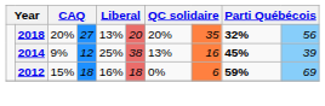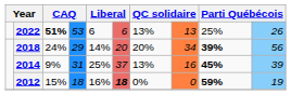 <table class="wikitable" style="width:400; font-size:90%; margin-left:1em;">
 <tr>
 <th colspan="2" scope="col">Year</th>
 <th colspan="2" scope="col"><a href='#'>CAQ</a></th>
 <th colspan="2" scope="col"><a href='#'>Liberal</a></th>
 <th colspan="2" scope="col"><a href='#'>QC solidaire</a></th>
 <th colspan="2" scope="col"><a href='#'>Parti Québécois</a></th>
 </tr>
 <tr>
+<td style="width: 0.25em; background-color: "></td>
+<th><a href='#'>2022</a></th>
+<td><strong>51%</strong></td>
+<td style="text-align:right; background:#1E90FF;"><em>53</em></td>
+<td>6</td>
+<td style="text-align:right; background:#EA6D6A;"><em>6</em></td>
+<td>13%</td>
+<td style="text-align:right; background:#FF8040;"><em>13</em></td>
+<td>25%</td>
+<td style="text-align:right; background:#87CEFA;"><em>26</em></td>
+</tr>
+<tr>
 <td rowspan="3" style="width: 0.25em; background-color: "></td>
 <th><a href='#'>2018</a></th>
-<td>20%</td>
-<td style="text-align:right; background:#1E90FF;"><em>27</em></td>
-<td>13%</td>
+<td>24%</td>
+<td style="text-align:right; background:#1E90FF;"><em>29</em></td>
+<td>14%</td>
 <td style="text-align:right; background:#EA6D6A;"><em>20</em></td>
 <td>20%</td>
-<td style="text-align:right; background:#FF8040;"><em>35</em></td>
-<td><strong>32%</strong></td>
+<td style="text-align:right; background:#FF8040;"><em>34</em></td>
+<td><strong>39%</strong></td>
 <td style="text-align:right; background:#87CEFA;"><em>56</em></td>
 </tr>
 <tr>
 <th><a href='#'>2014</a></th>
 <td>9%</td>
-<td style="text-align:right; background:#1E90FF;"><em>12</em></td>
+<td style="text-align:right; background:#1E90FF;"><em>31</em></td>
 <td>25%</td>
-<td style="text-align:right; background:#EA6D6A;"><em>38</em></td>
+<td style="text-align:right; background:#EA6D6A;"><em>37</em></td>
 <td>13%</td>
 <td style="text-align:right; background:#FF8040;"><em>16</em></td>
 <td><strong>45%</strong></td>
 <td style="text-align:right; background:#87CEFA;"><em>39</em></td>
 </tr>
 <tr>
 <th><a href='#'>2012</a></th>
 <td>15%</td>
 <td style="text-align:right; background:#1E90FF;"><em>18</em></td>
 <td>16%</td>
-<td style="text-align:right; background:#EA6D6A;"><em>18</em></td>
+<td style="text-align:right; background:#EA6D6A;"><strong><em>18</em></strong></td>
 <td>0%</td>
-<td style="text-align:right; background:#FF8040;"><em>6</em></td>
+<td style="text-align:right; background:#FF8040;"><em>0</em></td>
 <td><strong>59%</strong></td>
-<td style="text-align:right; background:#87CEFA;"><em>69</em></td>
+<td style="text-align:right; background:#87CEFA;"><em>19</em></td>
 </tr>
 <tr>
 </tr>
 </table>
